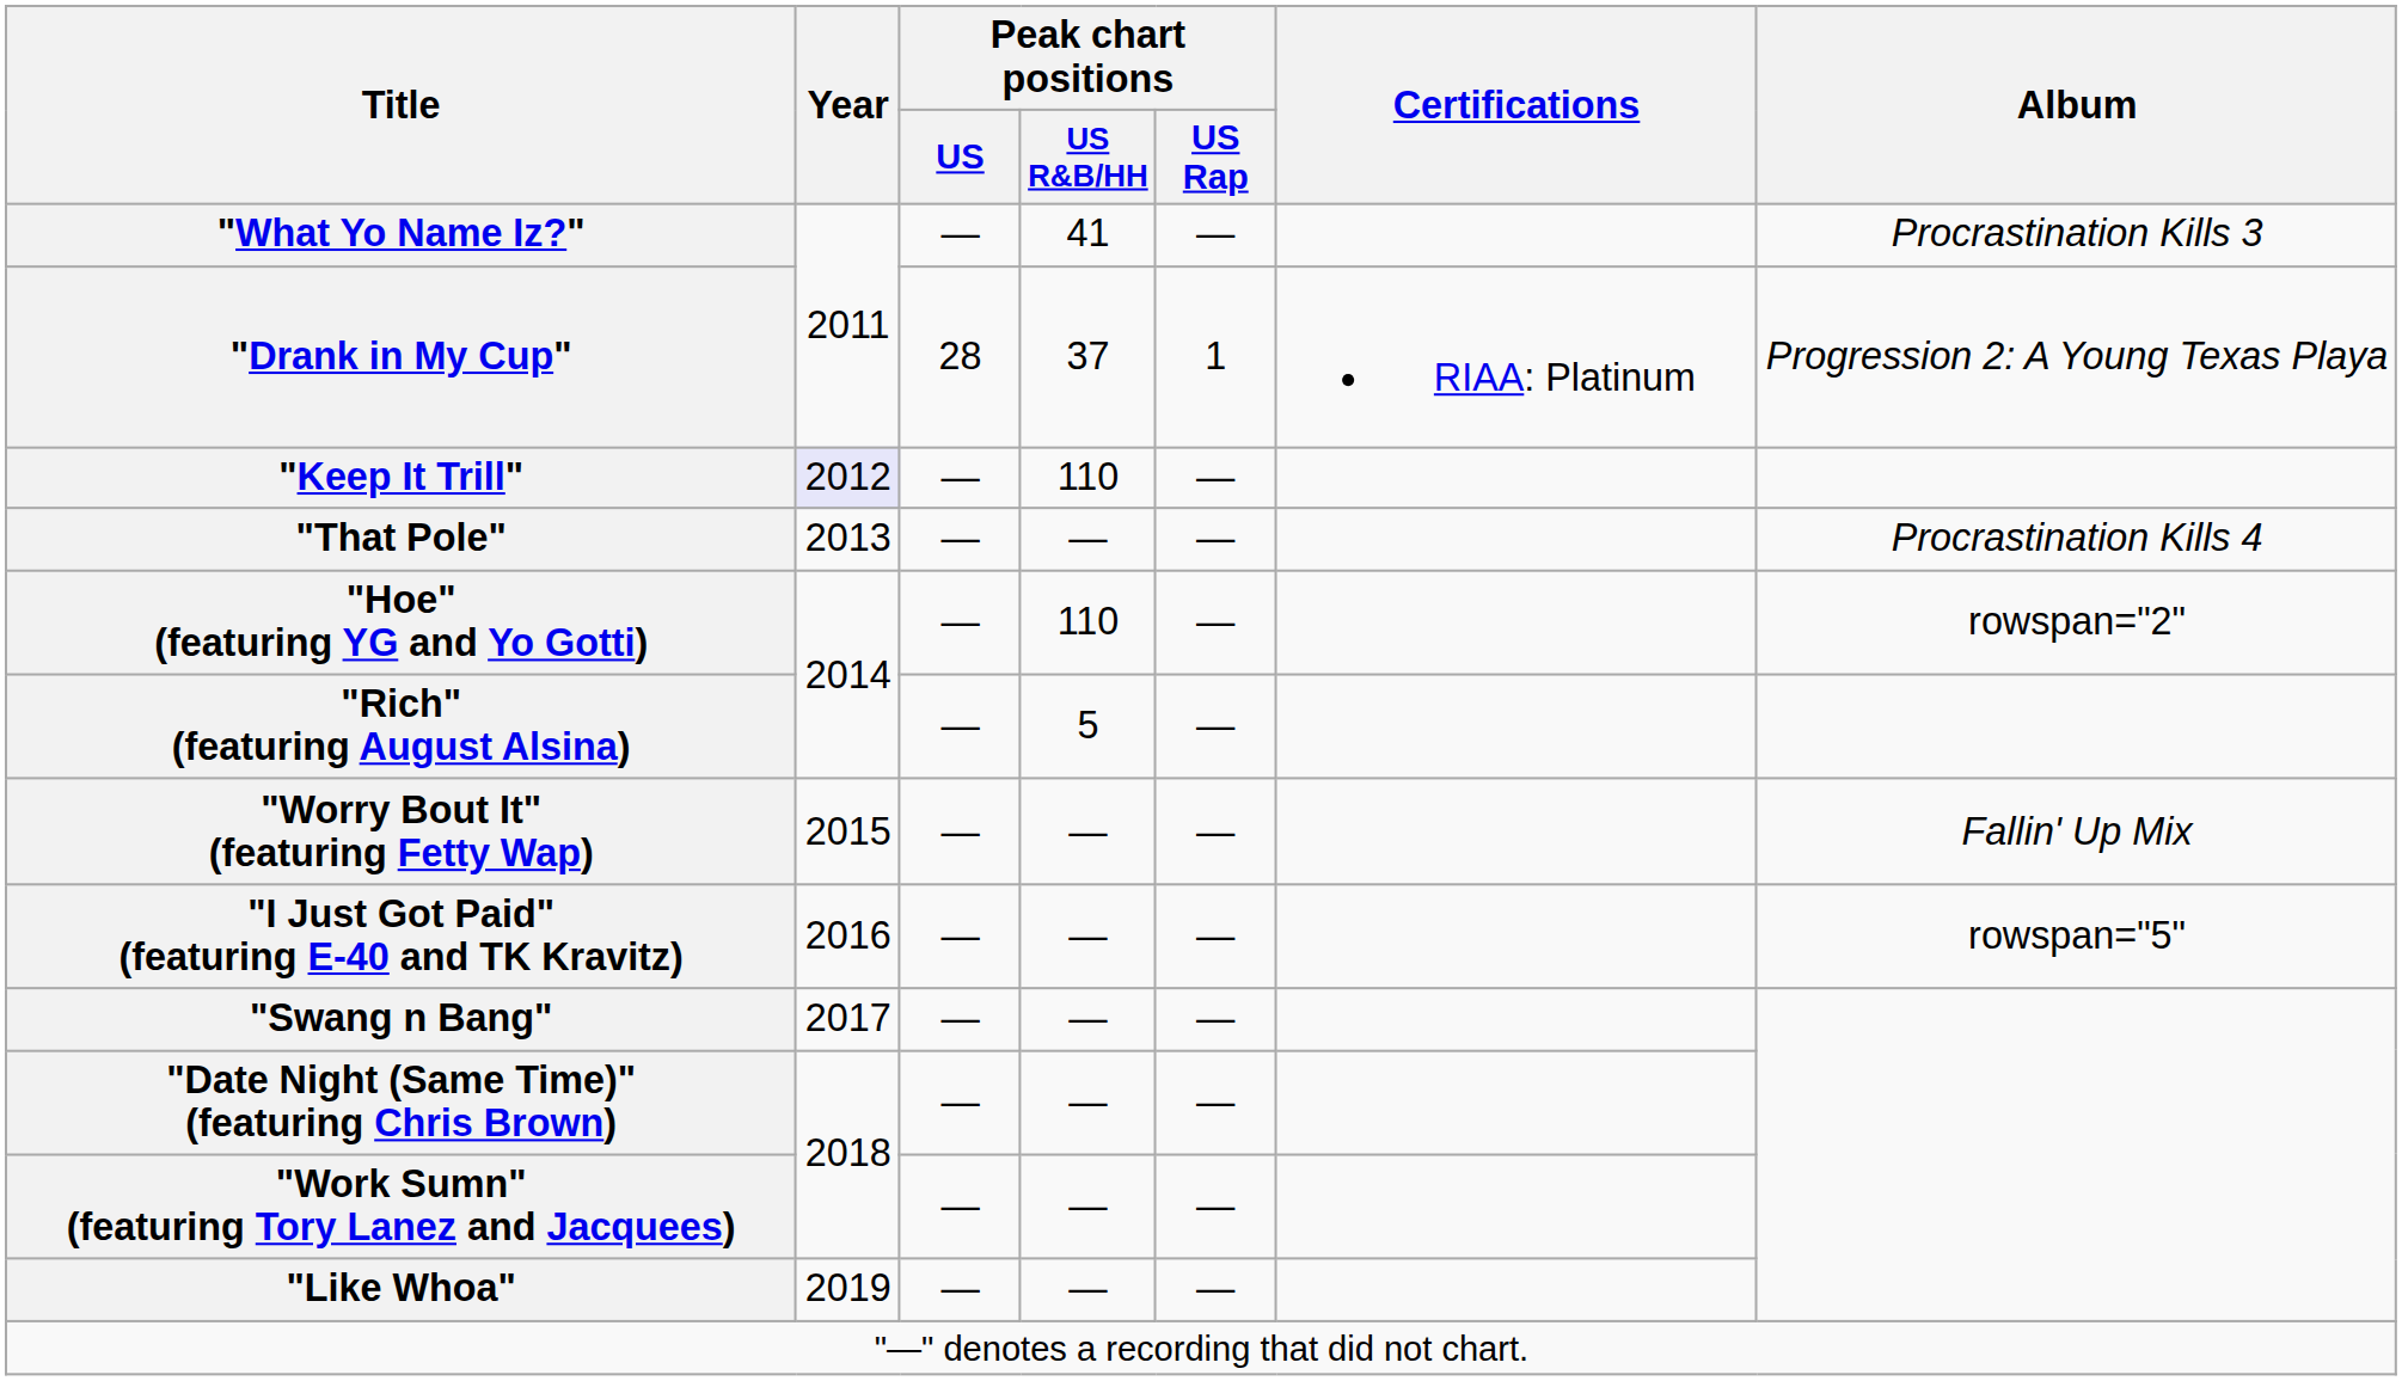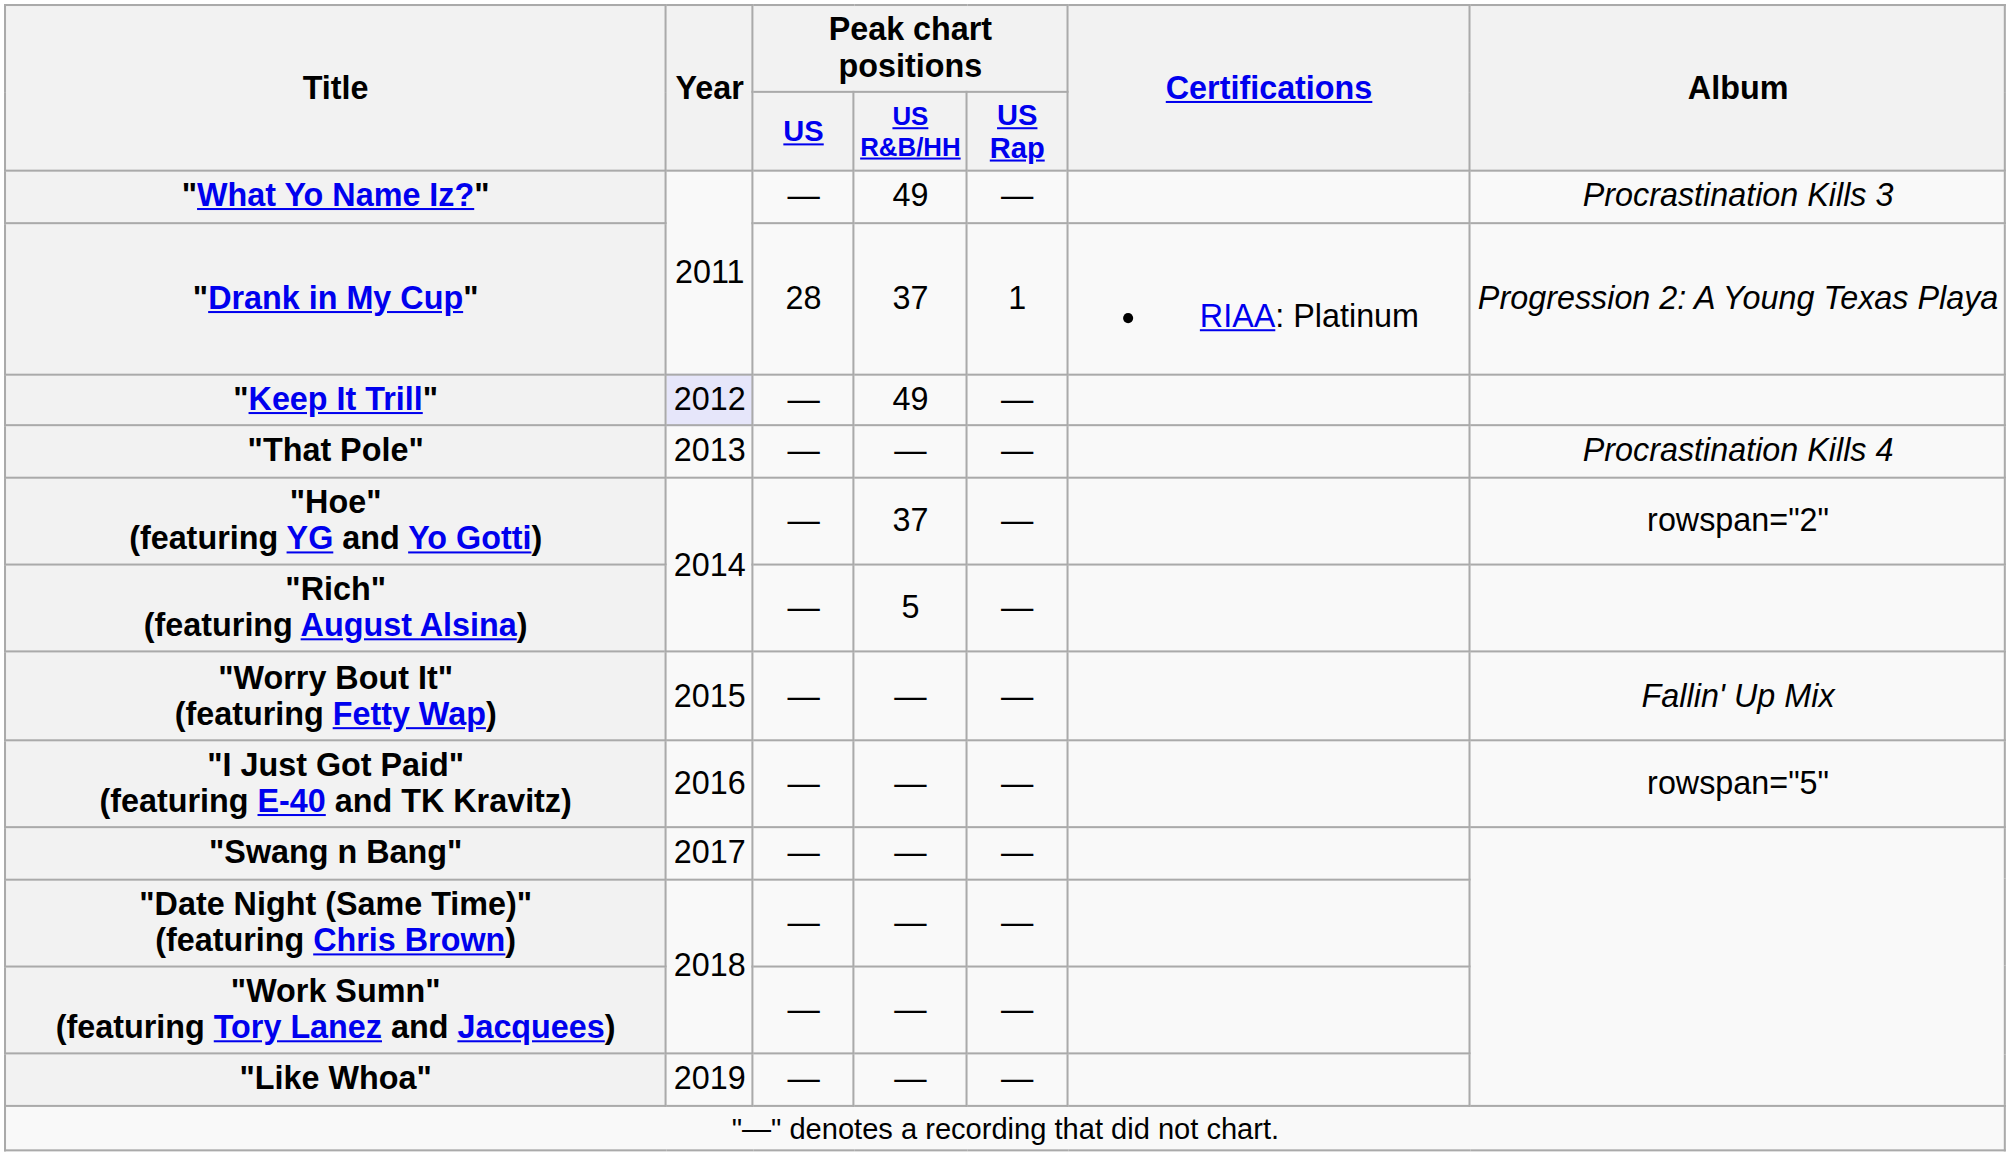 <table class="wikitable plainrowheaders" style="text-align:center;">
 <tr>
 <th scope="col" rowspan="2" style="width:20em;">Title</th>
 <th scope="col" rowspan="2">Year</th>
 <th scope="col" colspan="3">Peak chart positions</th>
 <th scope="col" rowspan="2" style="width:12em;"><a href='#'>Certifications</a></th>
 <th scope="col" rowspan="2">Album</th>
 </tr>
 <tr>
 <th scope="col" style="width:3em;font-size:90%;"><a href='#'>US</a><br></th>
 <th scope="col" style="width:3em;font-size:80%;"><a href='#'>US<br>R&B/HH</a><br></th>
 <th scope="col" style="width:3em;font-size:90%;"><a href='#'>US<br>Rap</a><br></th>
 </tr>
 <tr>
 <th scope="row">"<a href='#'>What Yo Name Iz?</a>"</th>
 <td rowspan="2">2011</td>
 <td>—</td>
-<td>41</td>
+<td>49</td>
 <td>—</td>
 <td></td>
 <td><em>Procrastination Kills 3</em></td>
 </tr>
 <tr>
 <th scope="row">"<a href='#'>Drank in My Cup</a>"</th>
 <td>28</td>
 <td>37</td>
 <td>1</td>
 <td><br><ul><li><a href='#'>RIAA</a>: Platinum</li></ul></td>
 <td><em>Progression 2: A Young Texas Playa</em></td>
 </tr>
 <tr>
 <th scope="row">"<a href='#'>Keep It Trill</a>"</th>
 <td style="background: lavender;">2012</td>
 <td>—</td>
-<td>110</td>
+<td>49</td>
 <td>—</td>
 <td></td>
 <td></td>
 </tr>
 <tr>
 <th scope="row">"That Pole"</th>
 <td>2013</td>
 <td>—</td>
 <td>—</td>
 <td>—</td>
 <td></td>
 <td><em>Procrastination Kills 4</em></td>
 </tr>
 <tr>
 <th scope="row">"Hoe"<br><span>(featuring <a href='#'>YG</a> and <a href='#'>Yo Gotti</a>)</span></th>
 <td rowspan="2">2014</td>
 <td>—</td>
-<td>110</td>
+<td>37</td>
 <td>—</td>
 <td></td>
 <td>rowspan="2" </td>
 </tr>
 <tr>
 <th scope="row">"Rich"<br><span>(featuring <a href='#'>August Alsina</a>)</span></th>
 <td>—</td>
 <td>5</td>
 <td>—</td>
 <td></td>
 </tr>
 <tr>
 <th scope="row">"Worry Bout It"<br><span>(featuring <a href='#'>Fetty Wap</a>)</span></th>
 <td>2015</td>
 <td>—</td>
 <td>—</td>
 <td>—</td>
 <td></td>
 <td><em>Fallin' Up Mix</em></td>
 </tr>
 <tr>
 <th scope="row">"I Just Got Paid"<br><span>(featuring <a href='#'>E-40</a> and TK Kravitz)</span></th>
 <td>2016</td>
 <td>—</td>
 <td>—</td>
 <td>—</td>
 <td></td>
 <td>rowspan="5" </td>
 </tr>
 <tr>
 <th scope="row">"Swang n Bang"</th>
 <td>2017</td>
 <td>—</td>
 <td>—</td>
 <td>—</td>
 <td></td>
 </tr>
 <tr>
 <th scope="row">"Date Night (Same Time)" <br><span>(featuring <a href='#'>Chris Brown</a>)</span></th>
 <td rowspan="2">2018</td>
 <td>—</td>
 <td>—</td>
 <td>—</td>
 <td></td>
 </tr>
 <tr>
 <th scope="row">"Work Sumn" <br><span>(featuring <a href='#'>Tory Lanez</a> and <a href='#'>Jacquees</a>)</span></th>
 <td>—</td>
 <td>—</td>
 <td>—</td>
 <td></td>
 </tr>
 <tr>
 <th scope="row">"Like Whoa"</th>
 <td>2019</td>
 <td>—</td>
 <td>—</td>
 <td>—</td>
 <td></td>
 </tr>
 <tr>
 <td colspan="14" style="font-size:90%">"—" denotes a recording that did not chart.</td>
 </tr>
 </table>
